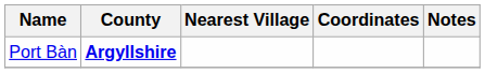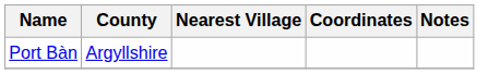 <table class="wikitable sortable" style="table-layout:fixed;background-color:#FEFEFE;font-size:95%;padding:0.30em;line-height:1.35em;">
 <tr>
 <th scope="col">Name</th>
 <th scope="col">County</th>
 <th scope="col">Nearest Village</th>
 <th scope="col" data-sort-type="number">Coordinates</th>
 <th scope="col">Notes</th>
 </tr>
 <tr>
 <td><a href='#'>Port Bàn</a></td>
-<td><strong><a href='#'>Argyllshire</a></strong></td>
+<td><a href='#'>Argyllshire</a></td>
 <td></td>
 <td></td>
 <td></td>
 </tr>
 <tr>
 </tr>
 </table>
